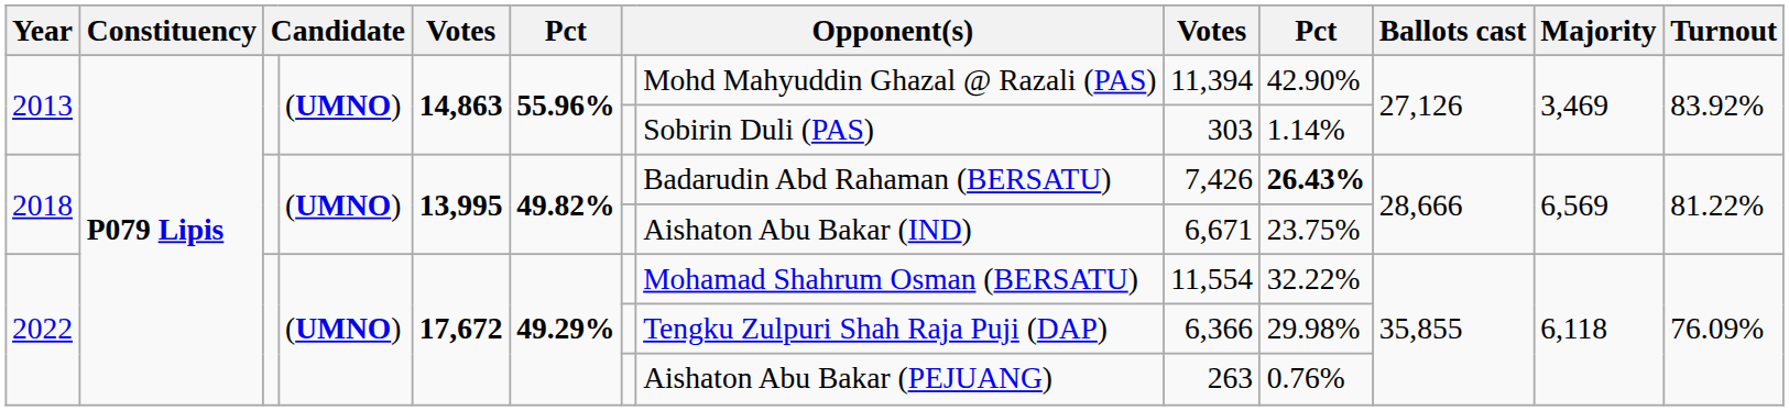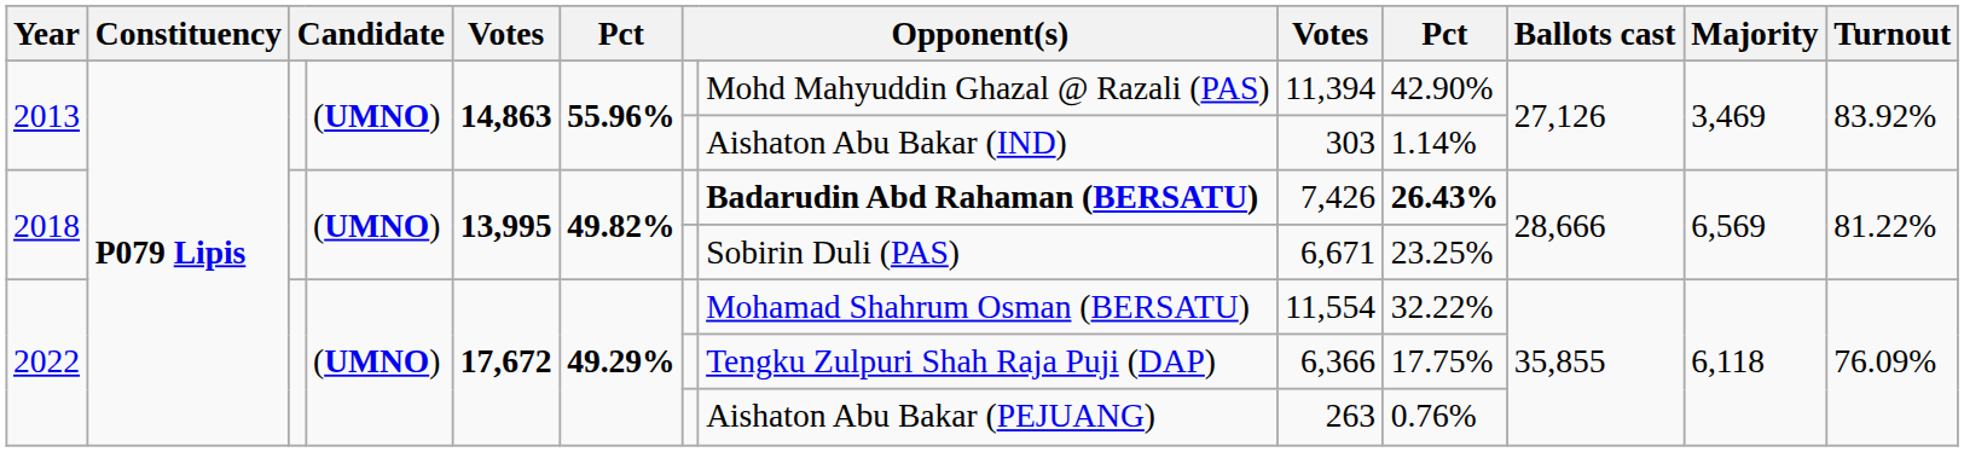 <table class="wikitable" style="margin:0.5em; font-size:95%;">
 <tr>
 <th>Year</th>
 <th>Constituency</th>
 <th colspan="2">Candidate</th>
 <th>Votes</th>
 <th>Pct</th>
 <th colspan="2">Opponent(s)</th>
 <th>Votes</th>
 <th>Pct</th>
 <th>Ballots cast</th>
 <th>Majority</th>
 <th>Turnout</th>
 </tr>
 <tr>
 <td rowspan="2"><a href='#'>2013</a></td>
 <td rowspan="7"><strong>P079 <a href='#'>Lipis</a></strong></td>
 <td rowspan=2 ></td>
 <td rowspan="2"> (<a href='#'><strong>UMNO</strong></a>)</td>
 <td rowspan=2 align="right"><strong>14,863</strong></td>
 <td rowspan="2"><strong>55.96%</strong></td>
 <td></td>
 <td>Mohd Mahyuddin Ghazal @ Razali	 (<a href='#'>PAS</a>)</td>
 <td align="right">11,394</td>
 <td>42.90%</td>
 <td rowspan="2">27,126</td>
 <td rowspan="2">3,469</td>
 <td rowspan="2">83.92%</td>
 </tr>
 <tr>
 <td></td>
-<td>Sobirin Duli (<a href='#'>PAS</a>)</td>
+<td>Aishaton Abu Bakar (<a href='#'>IND</a>)</td>
 <td align="right">303</td>
 <td>1.14%</td>
 </tr>
 <tr>
 <td rowspan="2"><a href='#'>2018</a></td>
 <td rowspan=2 ></td>
 <td rowspan="2"> (<a href='#'><strong>UMNO</strong></a>)</td>
 <td rowspan=2 align="right"><strong>13,995</strong></td>
 <td rowspan="2"><strong>49.82%</strong></td>
 <td></td>
-<td>Badarudin Abd Rahaman (<a href='#'>BERSATU</a>)</td>
+<td><strong>Badarudin Abd Rahaman (<a href='#'>BERSATU</a>)</strong></td>
 <td align="right">7,426</td>
 <td><strong>26.43%</strong></td>
 <td rowspan="2">28,666</td>
 <td rowspan="2">6,569</td>
 <td rowspan="2">81.22%</td>
 </tr>
 <tr>
 <td></td>
-<td>Aishaton Abu Bakar (<a href='#'>IND</a>)</td>
+<td>Sobirin Duli (<a href='#'>PAS</a>)</td>
 <td align="right">6,671</td>
-<td>23.75%</td>
+<td>23.25%</td>
 </tr>
 <tr>
 <td rowspan="3"><a href='#'>2022</a></td>
 <td rowspan="3" ></td>
 <td rowspan="3"><strong></strong> (<a href='#'><strong>UMNO</strong></a>)</td>
 <td rowspan="3" align="right"><strong>17,672</strong></td>
 <td rowspan="3"><strong>49.29%</strong></td>
 <td bgcolor=></td>
 <td><a href='#'>Mohamad Shahrum Osman</a> (<a href='#'>BERSATU</a>)</td>
 <td align="right">11,554</td>
 <td>32.22%</td>
 <td rowspan="3">35,855</td>
 <td rowspan="3">6,118</td>
 <td rowspan="3">76.09%</td>
 </tr>
 <tr>
 <td></td>
 <td><a href='#'>Tengku Zulpuri Shah Raja Puji</a> (<a href='#'>DAP</a>)</td>
 <td align="right">6,366</td>
-<td>29.98%</td>
+<td>17.75%</td>
 </tr>
 <tr>
 <td bgcolor=></td>
 <td>Aishaton Abu Bakar (<a href='#'>PEJUANG</a>)</td>
 <td align="right">263</td>
 <td>0.76%</td>
 </tr>
 </table>
